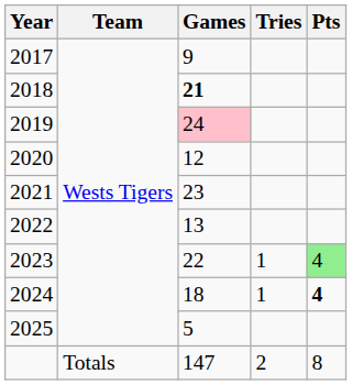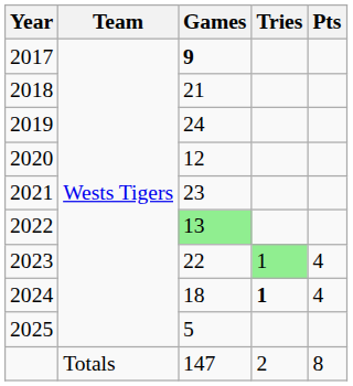 <table class="wikitable">
 <tr>
 <th>Year</th>
 <th>Team</th>
 <th>Games</th>
 <th>Tries</th>
 <th>Pts</th>
 </tr>
 <tr>
 <td>2017</td>
 <td rowspan="9"> <a href='#'>Wests Tigers</a></td>
-<td>9</td>
+<td><strong>9</strong></td>
 <td></td>
 <td></td>
 </tr>
 <tr>
 <td>2018</td>
-<td><strong>21</strong></td>
+<td>21</td>
 <td></td>
 <td></td>
 </tr>
 <tr>
 <td>2019</td>
-<td style="background: pink;">24</td>
+<td>24</td>
 <td></td>
 <td></td>
 </tr>
 <tr>
 <td>2020</td>
 <td>12</td>
 <td></td>
 <td></td>
 </tr>
 <tr>
 <td>2021</td>
 <td>23</td>
 <td></td>
 <td></td>
 </tr>
 <tr>
 <td>2022</td>
-<td>13</td>
+<td style="background: lightgreen;">13</td>
 <td></td>
 <td></td>
 </tr>
 <tr>
 <td>2023</td>
 <td>22</td>
-<td>1</td>
-<td style="background: lightgreen;">4</td>
+<td style="background: lightgreen;">1</td>
+<td>4</td>
 </tr>
 <tr>
 <td>2024</td>
 <td>18</td>
-<td>1</td>
-<td><strong>4</strong></td>
+<td><strong>1</strong></td>
+<td>4</td>
 </tr>
 <tr>
 <td>2025</td>
 <td>5</td>
 <td></td>
 <td></td>
 </tr>
 <tr>
 <td></td>
 <td>Totals</td>
 <td>147</td>
 <td>2</td>
 <td>8</td>
 </tr>
 </table>
